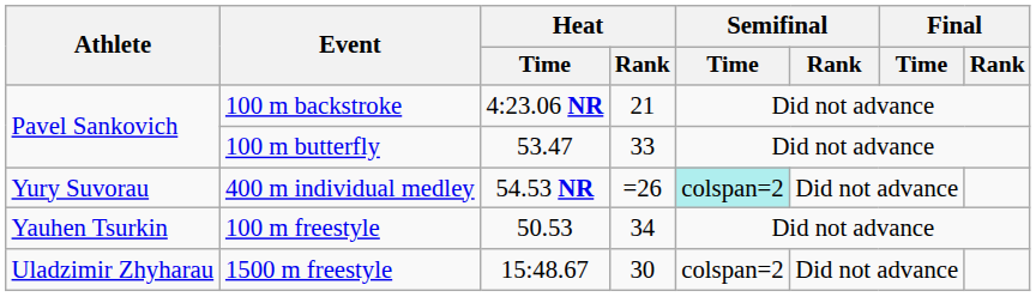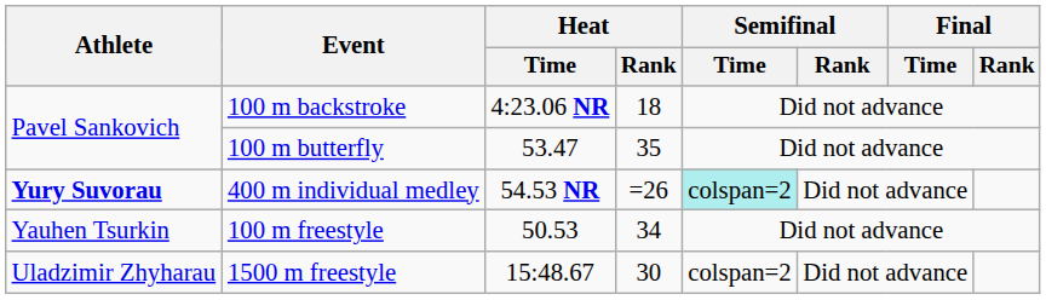 <table class=wikitable style="font-size:90%">
 <tr>
 <th rowspan="2">Athlete</th>
 <th rowspan="2">Event</th>
 <th colspan="2">Heat</th>
 <th colspan="2">Semifinal</th>
 <th colspan="2">Final</th>
 </tr>
 <tr style="font-size:95%">
 <th>Time</th>
 <th>Rank</th>
 <th>Time</th>
 <th>Rank</th>
 <th>Time</th>
 <th>Rank</th>
 </tr>
 <tr align=center>
 <td align=left rowspan=2><a href='#'>Pavel Sankovich</a></td>
 <td align=left><a href='#'>100 m backstroke</a></td>
 <td>4:23.06 <strong><a href='#'>NR</a></strong></td>
-<td>21</td>
+<td>18</td>
 <td colspan=4>Did not advance</td>
 </tr>
 <tr align=center>
 <td align=left><a href='#'>100 m butterfly</a></td>
 <td>53.47</td>
-<td>33</td>
+<td>35</td>
 <td colspan=4>Did not advance</td>
 </tr>
 <tr align=center>
-<td align=left><a href='#'>Yury Suvorau</a></td>
+<td align=left><strong><a href='#'>Yury Suvorau</a></strong></td>
 <td align=left><a href='#'>400 m individual medley</a></td>
 <td>54.53 <strong><a href='#'>NR</a></strong></td>
 <td>=26</td>
 <td style="background: paleturquoise;">colspan=2 </td>
 <td colspan=2>Did not advance</td>
 </tr>
 <tr align=center>
 <td align=left><a href='#'>Yauhen Tsurkin</a></td>
 <td align=left><a href='#'>100 m freestyle</a></td>
 <td>50.53</td>
 <td>34</td>
 <td colspan=4>Did not advance</td>
 </tr>
 <tr align=center>
 <td align=left><a href='#'>Uladzimir Zhyharau</a></td>
 <td align=left><a href='#'>1500 m freestyle</a></td>
 <td>15:48.67</td>
 <td>30</td>
 <td>colspan=2 </td>
 <td colspan=2>Did not advance</td>
 </tr>
 </table>
